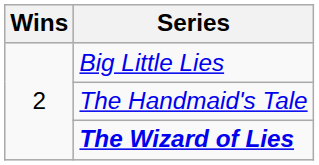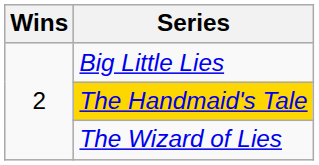 <table class="wikitable">
 <tr>
 <th>Wins</th>
 <th>Series</th>
 </tr>
 <tr>
 <td rowspan="3" align="center">2</td>
 <td><em><a href='#'>Big Little Lies</a></em></td>
 </tr>
 <tr>
-<td><em><a href='#'>The Handmaid's Tale</a></em></td>
+<td style="background: gold;"><em><a href='#'>The Handmaid's Tale</a></em></td>
 </tr>
 <tr>
-<td><strong><em><a href='#'>The Wizard of Lies</a></em></strong></td>
+<td><em><a href='#'>The Wizard of Lies</a></em></td>
 </tr>
 </table>
